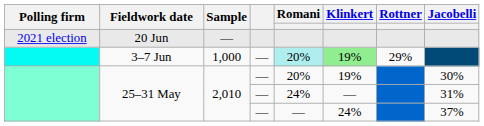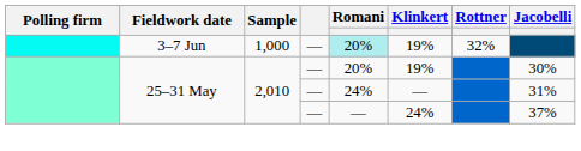 <table class="wikitable" style="text-align:center;font-size:90%;line-height:14px;">
 <tr>
 <th rowspan="2" style="width:100px;">Polling firm</th>
 <th rowspan="2" style="width:110px;">Fieldwork date</th>
 <th rowspan="2" style="width:35px;">Sample</th>
 <th rowspan="2" style="width:20px;"></th>
 <th>Romani<br></th>
 <th><a href='#'>Klinkert</a><br></th>
 <th><a href='#'>Rottner</a><br></th>
 <th><a href='#'>Jacobelli</a><br></th>
 </tr>
 <tr>
 <th style="background:"></th>
 <th style="background:"></th>
 <th style="background:"></th>
 <th style="background:"></th>
 </tr>
-<tr style="background:#E9E9E9;">
-<td><a href='#'>2021 election</a></td>
-<td data-sort-value="2021-06-20">20 Jun</td>
-<td>—</td>
-<td></td>
-<td></td>
-<td></td>
-<td></td>
-<td></td>
-</tr>
 <tr>
 <td style="background:#04FBF4;"></td>
 <td>3–7 Jun</td>
 <td>1,000</td>
 <td>—</td>
 <td style="background: paleturquoise;">20%</td>
-<td style="background: lightgreen;">19%</td>
-<td>29%</td>
+<td>19%</td>
+<td>32%</td>
 <td style="background:#004A77;"><strong></strong></td>
 </tr>
 <tr>
 <td rowspan=3 style="background:aquamarine;"></td>
 <td rowspan=3>25–31 May</td>
 <td rowspan=3>2,010</td>
 <td>—</td>
 <td>20%</td>
 <td>19%</td>
 <td style="background:#0066CC;"><strong></strong></td>
 <td>30%</td>
 </tr>
 <tr>
 <td>—</td>
 <td>24%</td>
 <td>—</td>
 <td style="background:#0066CC;"><strong></strong></td>
 <td>31%</td>
 </tr>
 <tr>
 <td>—</td>
 <td>—</td>
 <td>24%</td>
 <td style="background:#0066CC;"><strong></strong></td>
 <td>37%</td>
 </tr>
 </table>
